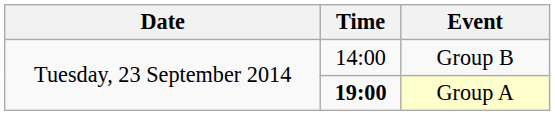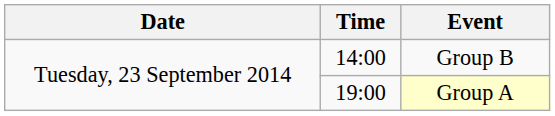 <table class = "wikitable" style="text-align:center;">
 <tr>
 <th width=220>Date</th>
 <th width=50>Time</th>
 <th width=100>Event</th>
 </tr>
 <tr>
 <td rowspan=2>Tuesday, 23 September 2014</td>
 <td>14:00</td>
 <td>Group B</td>
 </tr>
 <tr>
-<td><strong>19:00</strong></td>
+<td>19:00</td>
 <td bgcolor=ffffcc>Group A</td>
 </tr>
 </table>
